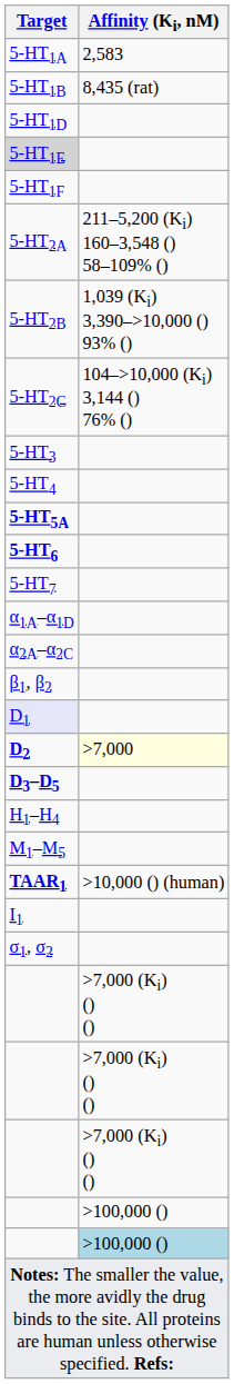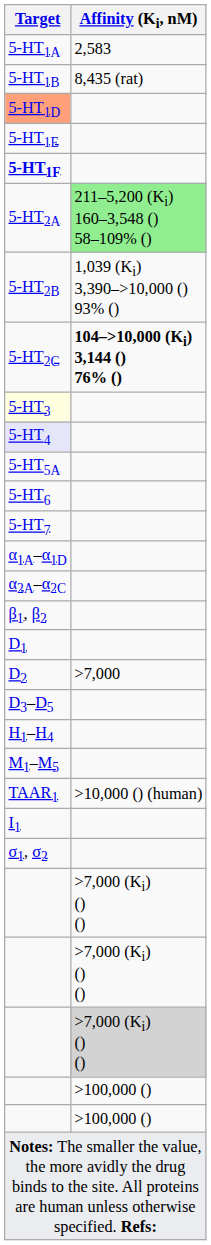 <table class="wikitable floatleft" style="font-size:small;">
 <tr>
 <th><a href='#'>Target</a></th>
 <th><a href='#'>Affinity</a> (K<sub>i</sub>, nM)</th>
 </tr>
 <tr>
 <td><a href='#'>5-HT<sub>1A</sub></a></td>
 <td>2,583</td>
 </tr>
 <tr>
 <td><a href='#'>5-HT<sub>1B</sub></a></td>
 <td>8,435 (rat)</td>
 </tr>
 <tr>
-<td><a href='#'>5-HT<sub>1D</sub></a></td>
+<td style="background: lightsalmon;"><a href='#'>5-HT<sub>1D</sub></a></td>
 <td></td>
 </tr>
 <tr>
-<td style="background: lightgrey;"><a href='#'>5-HT<sub>1E</sub></a></td>
+<td><a href='#'>5-HT<sub>1E</sub></a></td>
 <td></td>
 </tr>
 <tr>
-<td><a href='#'>5-HT<sub>1F</sub></a></td>
+<td><strong><a href='#'>5-HT<sub>1F</sub></a></strong></td>
 <td></td>
 </tr>
 <tr>
 <td><a href='#'>5-HT<sub>2A</sub></a></td>
-<td>211–5,200 (K<sub>i</sub>)<br>160–3,548 ()<br>58–109% ()</td>
+<td style="background: lightgreen;">211–5,200 (K<sub>i</sub>)<br>160–3,548 ()<br>58–109% ()</td>
 </tr>
 <tr>
 <td><a href='#'>5-HT<sub>2B</sub></a></td>
 <td>1,039 (K<sub>i</sub>)<br>3,390–>10,000 ()<br>93% ()</td>
 </tr>
 <tr>
 <td><a href='#'>5-HT<sub>2C</sub></a></td>
-<td>104–>10,000 (K<sub>i</sub>)<br>3,144 ()<br>76% ()</td>
+<td><strong>104–>10,000 (K<sub>i</sub>)<br>3,144 ()<br>76% ()</strong></td>
 </tr>
 <tr>
-<td><a href='#'>5-HT<sub>3</sub></a></td>
+<td style="background: lightyellow;"><a href='#'>5-HT<sub>3</sub></a></td>
 <td></td>
 </tr>
 <tr>
-<td><a href='#'>5-HT<sub>4</sub></a></td>
+<td style="background: lavender;"><a href='#'>5-HT<sub>4</sub></a></td>
 <td></td>
 </tr>
 <tr>
-<td><strong><a href='#'>5-HT<sub>5A</sub></a></strong></td>
+<td><a href='#'>5-HT<sub>5A</sub></a></td>
 <td></td>
 </tr>
 <tr>
-<td><strong><a href='#'>5-HT<sub>6</sub></a></strong></td>
+<td><a href='#'>5-HT<sub>6</sub></a></td>
 <td></td>
 </tr>
 <tr>
 <td><a href='#'>5-HT<sub>7</sub></a></td>
 <td></td>
 </tr>
 <tr>
 <td><a href='#'>α<sub>1A</sub></a>–<a href='#'>α<sub>1D</sub></a></td>
 <td></td>
 </tr>
 <tr>
 <td><a href='#'>α<sub>2A</sub></a>–<a href='#'>α<sub>2C</sub></a></td>
 <td></td>
 </tr>
 <tr>
 <td><a href='#'>β<sub>1</sub></a>, <a href='#'>β<sub>2</sub></a></td>
 <td></td>
 </tr>
 <tr>
-<td style="background: lavender;"><a href='#'>D<sub>1</sub></a></td>
+<td><a href='#'>D<sub>1</sub></a></td>
 <td></td>
 </tr>
 <tr>
-<td><strong><a href='#'>D<sub>2</sub></a></strong></td>
-<td style="background: lightyellow;">>7,000</td>
+<td><a href='#'>D<sub>2</sub></a></td>
+<td>>7,000</td>
 </tr>
 <tr>
-<td><strong><a href='#'>D<sub>3</sub></a>–<a href='#'>D<sub>5</sub></a></strong></td>
+<td><a href='#'>D<sub>3</sub></a>–<a href='#'>D<sub>5</sub></a></td>
 <td></td>
 </tr>
 <tr>
 <td><a href='#'>H<sub>1</sub></a>–<a href='#'>H<sub>4</sub></a></td>
 <td></td>
 </tr>
 <tr>
 <td><a href='#'>M<sub>1</sub></a>–<a href='#'>M<sub>5</sub></a></td>
 <td></td>
 </tr>
 <tr>
-<td><strong><a href='#'>TAAR<sub>1</sub></a></strong></td>
+<td><a href='#'>TAAR<sub>1</sub></a></td>
 <td>>10,000 () (human)</td>
 </tr>
 <tr>
 <td><a href='#'>I<sub>1</sub></a></td>
 <td></td>
 </tr>
 <tr>
 <td><a href='#'>σ<sub>1</sub></a>, <a href='#'>σ<sub>2</sub></a></td>
 <td></td>
 </tr>
 <tr>
 <td></td>
 <td>>7,000 (K<sub>i</sub>)<br> ()<br> ()</td>
 </tr>
 <tr>
 <td></td>
 <td>>7,000 (K<sub>i</sub>)<br> ()<br> ()</td>
 </tr>
 <tr>
 <td></td>
-<td>>7,000 (K<sub>i</sub>)<br> ()<br> ()</td>
+<td style="background: lightgrey;">>7,000 (K<sub>i</sub>)<br> ()<br> ()</td>
 </tr>
 <tr>
 <td></td>
 <td>>100,000 ()</td>
 </tr>
 <tr>
 <td></td>
-<td style="background: lightblue;">>100,000 ()</td>
+<td>>100,000 ()</td>
 </tr>
 <tr class="sortbottom">
 <td colspan="2" style="width: 1px; background-color:#eaecf0; text-align: center;"><strong>Notes:</strong> The smaller the value, the more avidly the drug binds to the site. All proteins are human unless otherwise specified. <strong>Refs:</strong> <br></td>
 </tr>
 </table>
